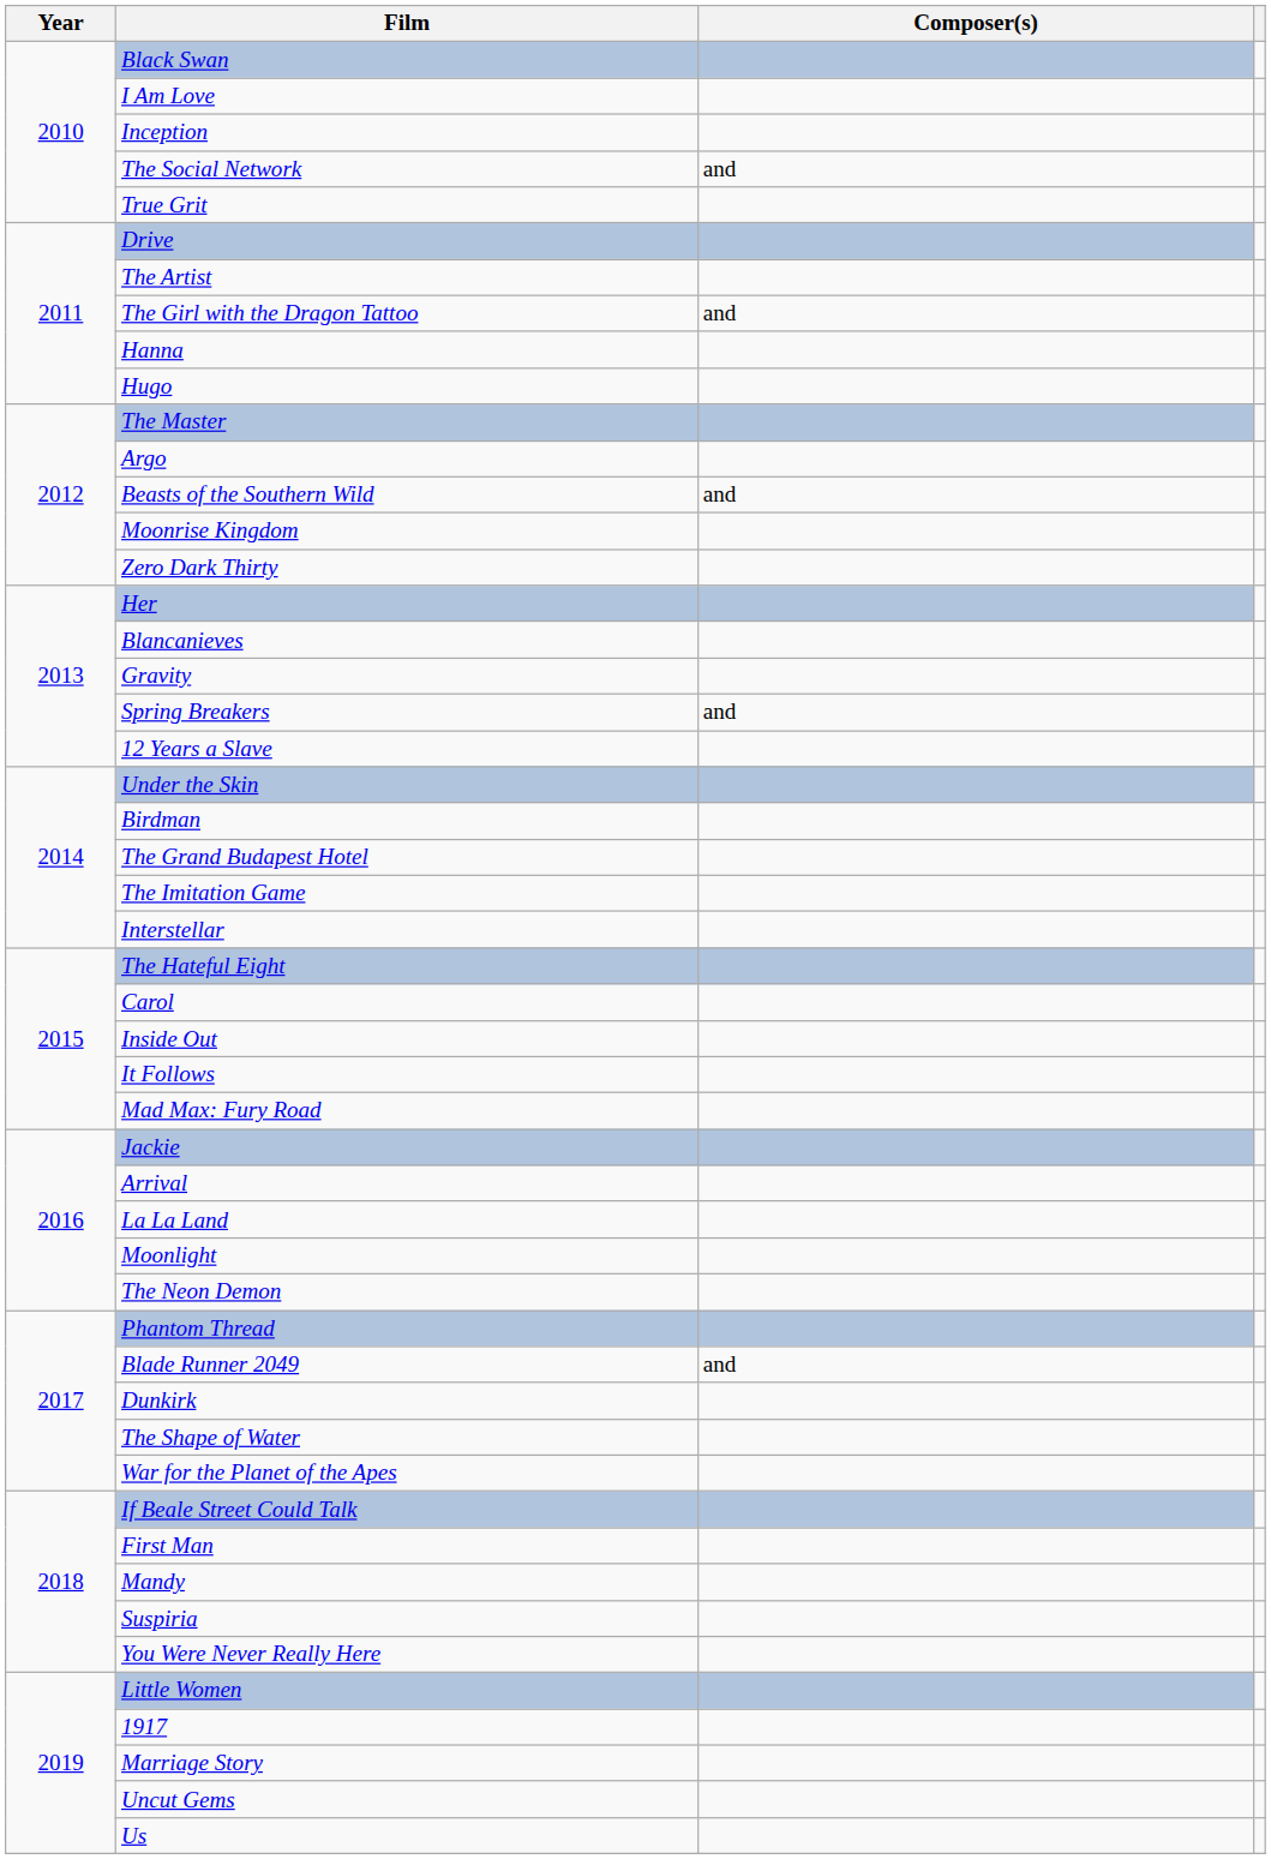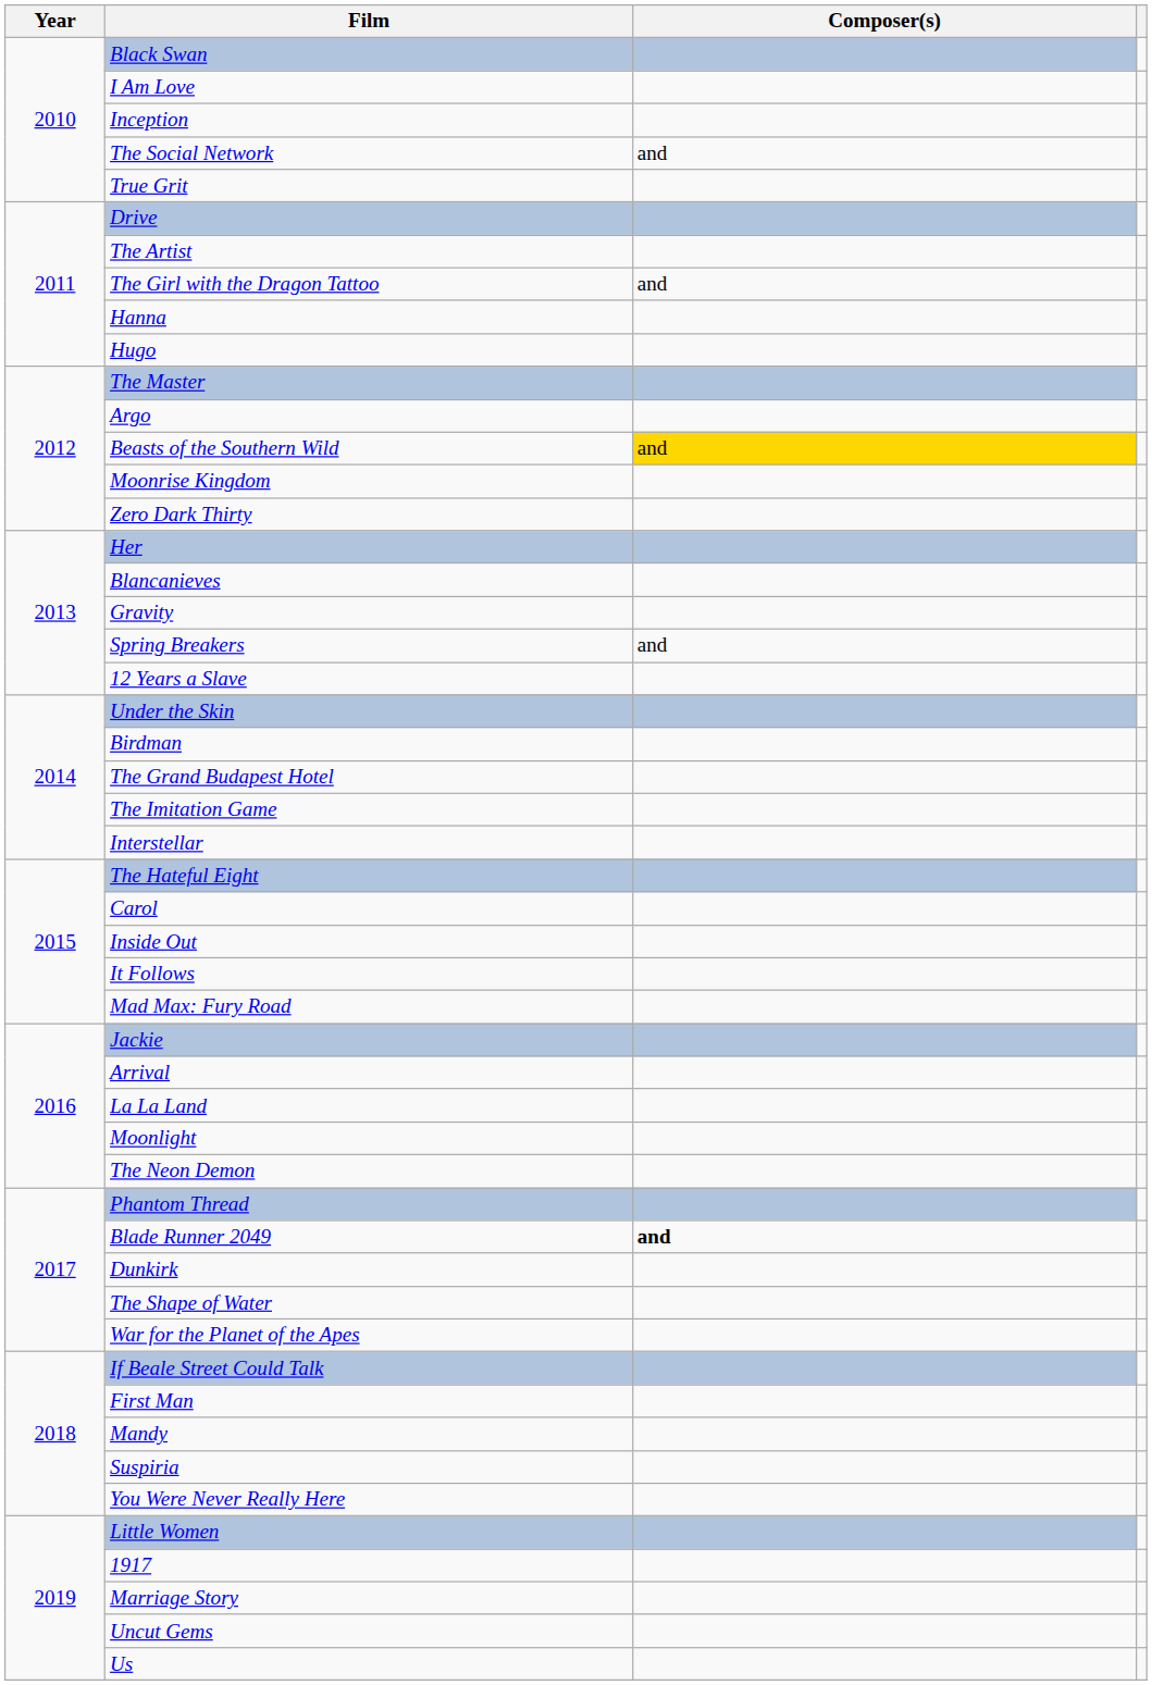 <table class="wikitable sortable">
 <tr>
 <th scope="col" width="70">Year</th>
 <th scope="col" width="400">Film</th>
 <th scope="col" width="382">Composer(s)</th>
 <th scope="col" class="unsortable"></th>
 </tr>
 <tr>
 <td rowspan="5" style="text-align:center;"><a href='#'>2010</a></td>
 <td style="background:#B0C4DE;"><em><a href='#'>Black Swan</a></em></td>
 <td style="background:#B0C4DE;"></td>
 <td align="center"></td>
 </tr>
 <tr>
 <td><em><a href='#'>I Am Love</a></em></td>
 <td></td>
 <td align="center"></td>
 </tr>
 <tr>
 <td><em><a href='#'>Inception</a></em></td>
 <td></td>
 <td align="center"></td>
 </tr>
 <tr>
 <td><em><a href='#'>The Social Network</a></em></td>
 <td> and </td>
 <td align="center"></td>
 </tr>
 <tr>
 <td><em><a href='#'>True Grit</a></em></td>
 <td></td>
 <td align="center"></td>
 </tr>
 <tr>
 <td rowspan="5" style="text-align:center;"><a href='#'>2011</a></td>
 <td style="background:#B0C4DE;"><em><a href='#'>Drive</a></em></td>
 <td style="background:#B0C4DE;"></td>
 <td align="center"></td>
 </tr>
 <tr>
 <td><em><a href='#'>The Artist</a></em></td>
 <td></td>
 <td align="center"></td>
 </tr>
 <tr>
 <td><em><a href='#'>The Girl with the Dragon Tattoo</a></em></td>
 <td> and </td>
 <td align="center"></td>
 </tr>
 <tr>
 <td><em><a href='#'>Hanna</a></em></td>
 <td></td>
 <td align="center"></td>
 </tr>
 <tr>
 <td><em><a href='#'>Hugo</a></em></td>
 <td></td>
 <td align="center"></td>
 </tr>
 <tr>
 <td rowspan="5" style="text-align:center;"><a href='#'>2012</a></td>
 <td style="background:#B0C4DE;"><em><a href='#'>The Master</a></em></td>
 <td style="background:#B0C4DE;"></td>
 <td align="center"></td>
 </tr>
 <tr>
 <td><em><a href='#'>Argo</a></em></td>
 <td></td>
 <td align="center"></td>
 </tr>
 <tr>
 <td><em><a href='#'>Beasts of the Southern Wild</a></em></td>
-<td> and </td>
+<td style="background: gold;"> and </td>
 <td align="center"></td>
 </tr>
 <tr>
 <td><em><a href='#'>Moonrise Kingdom</a></em></td>
 <td></td>
 <td align="center"></td>
 </tr>
 <tr>
 <td><em><a href='#'>Zero Dark Thirty</a></em></td>
 <td></td>
 <td align="center"></td>
 </tr>
 <tr>
 <td rowspan="5" style="text-align:center;"><a href='#'>2013</a></td>
 <td style="background:#B0C4DE;"><em><a href='#'>Her</a></em></td>
 <td style="background:#B0C4DE;"></td>
 <td align="center"></td>
 </tr>
 <tr>
 <td><em><a href='#'>Blancanieves</a></em></td>
 <td></td>
 <td align="center"></td>
 </tr>
 <tr>
 <td><em><a href='#'>Gravity</a></em></td>
 <td></td>
 <td align="center"></td>
 </tr>
 <tr>
 <td><em><a href='#'>Spring Breakers</a></em></td>
 <td> and </td>
 <td align="center"></td>
 </tr>
 <tr>
 <td><em><a href='#'>12 Years a Slave</a></em></td>
 <td></td>
 <td align="center"></td>
 </tr>
 <tr>
 <td rowspan="5" style="text-align:center;"><a href='#'>2014</a></td>
 <td style="background:#B0C4DE;"><em><a href='#'>Under the Skin</a></em></td>
 <td style="background:#B0C4DE;"></td>
 <td align="center"></td>
 </tr>
 <tr>
 <td><em><a href='#'>Birdman</a></em></td>
 <td></td>
 <td align="center"></td>
 </tr>
 <tr>
 <td><em><a href='#'>The Grand Budapest Hotel</a></em></td>
 <td></td>
 <td align="center"></td>
 </tr>
 <tr>
 <td><em><a href='#'>The Imitation Game</a></em></td>
 <td></td>
 <td align="center"></td>
 </tr>
 <tr>
 <td><em><a href='#'>Interstellar</a></em></td>
 <td></td>
 <td align="center"></td>
 </tr>
 <tr>
 <td rowspan="5" style="text-align:center;"><a href='#'>2015</a></td>
 <td style="background:#B0C4DE;"><em><a href='#'>The Hateful Eight</a></em></td>
 <td style="background:#B0C4DE;"></td>
 <td align="center"></td>
 </tr>
 <tr>
 <td><em><a href='#'>Carol</a></em></td>
 <td></td>
 <td align="center"></td>
 </tr>
 <tr>
 <td><em><a href='#'>Inside Out</a></em></td>
 <td></td>
 <td align="center"></td>
 </tr>
 <tr>
 <td><em><a href='#'>It Follows</a></em></td>
 <td></td>
 <td align="center"></td>
 </tr>
 <tr>
 <td><em><a href='#'>Mad Max: Fury Road</a></em></td>
 <td></td>
 <td align="center"></td>
 </tr>
 <tr>
 <td rowspan="5" style="text-align:center;"><a href='#'>2016</a></td>
 <td style="background:#B0C4DE;"><em><a href='#'>Jackie</a></em></td>
 <td style="background:#B0C4DE;"></td>
 <td align="center"></td>
 </tr>
 <tr>
 <td><em><a href='#'>Arrival</a></em></td>
 <td></td>
 <td align="center"></td>
 </tr>
 <tr>
 <td><em><a href='#'>La La Land</a></em></td>
 <td></td>
 <td align="center"></td>
 </tr>
 <tr>
 <td><em><a href='#'>Moonlight</a></em></td>
 <td></td>
 <td align="center"></td>
 </tr>
 <tr>
 <td><em><a href='#'>The Neon Demon</a></em></td>
 <td></td>
 <td align="center"></td>
 </tr>
 <tr>
 <td rowspan="5" style="text-align:center;"><a href='#'>2017</a></td>
 <td style="background:#B0C4DE;"><em><a href='#'>Phantom Thread</a></em></td>
 <td style="background:#B0C4DE;"></td>
 <td align="center"></td>
 </tr>
 <tr>
 <td><em><a href='#'>Blade Runner 2049</a></em></td>
-<td> and </td>
+<td><strong> and </strong></td>
 <td align="center"></td>
 </tr>
 <tr>
 <td><em><a href='#'>Dunkirk</a></em></td>
 <td></td>
 <td align="center"></td>
 </tr>
 <tr>
 <td><em><a href='#'>The Shape of Water</a></em></td>
 <td></td>
 <td align="center"></td>
 </tr>
 <tr>
 <td><em><a href='#'>War for the Planet of the Apes</a></em></td>
 <td></td>
 <td align="center"></td>
 </tr>
 <tr>
 <td rowspan="5" style="text-align:center;"><a href='#'>2018</a></td>
 <td style="background:#B0C4DE;"><em><a href='#'>If Beale Street Could Talk</a></em></td>
 <td style="background:#B0C4DE;"></td>
 <td align="center"></td>
 </tr>
 <tr>
 <td><em><a href='#'>First Man</a></em></td>
 <td></td>
 <td align="center"></td>
 </tr>
 <tr>
 <td><em><a href='#'>Mandy</a></em></td>
 <td></td>
 <td align="center"></td>
 </tr>
 <tr>
 <td><em><a href='#'>Suspiria</a></em></td>
 <td></td>
 <td align="center"></td>
 </tr>
 <tr>
 <td><em><a href='#'>You Were Never Really Here</a></em></td>
 <td></td>
 <td align="center"></td>
 </tr>
 <tr>
 <td rowspan="5" style="text-align:center;"><a href='#'>2019</a></td>
 <td style="background:#B0C4DE;"><em><a href='#'>Little Women</a></em></td>
 <td style="background:#B0C4DE;"></td>
 <td align="center"></td>
 </tr>
 <tr>
 <td><em><a href='#'>1917</a></em></td>
 <td></td>
 <td align="center"></td>
 </tr>
 <tr>
 <td><em><a href='#'>Marriage Story</a></em></td>
 <td></td>
 <td align="center"></td>
 </tr>
 <tr>
 <td><em><a href='#'>Uncut Gems</a></em></td>
 <td></td>
 <td align="center"></td>
 </tr>
 <tr>
 <td><em><a href='#'>Us</a></em></td>
 <td></td>
 <td align="center"></td>
 </tr>
 <tr>
 </tr>
 </table>
